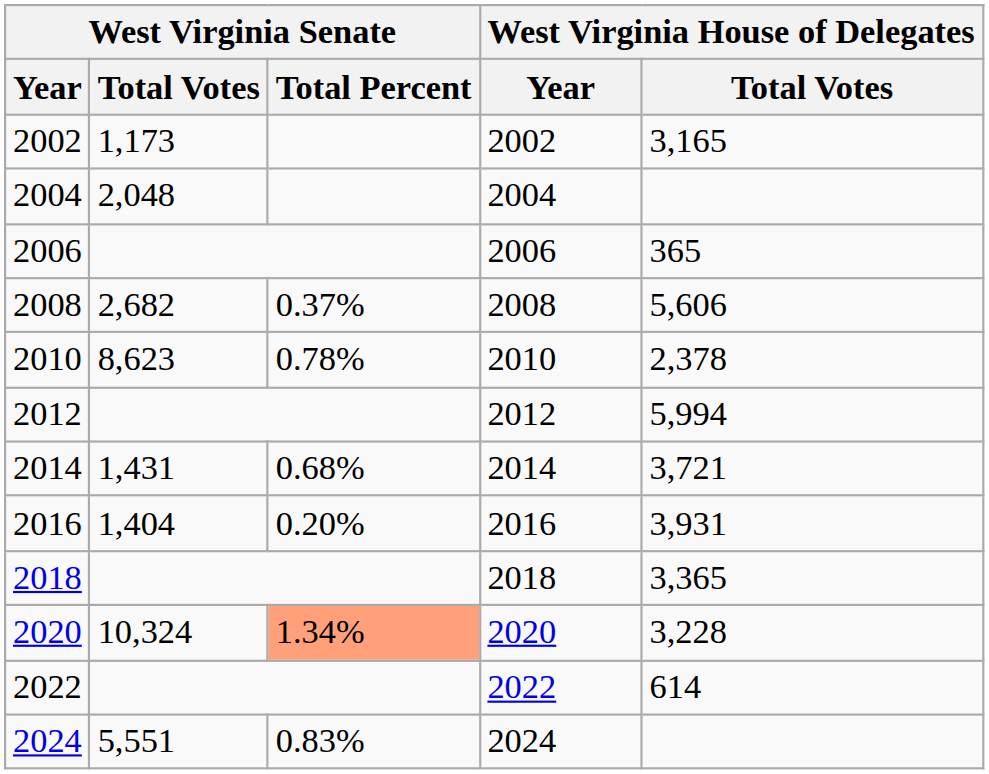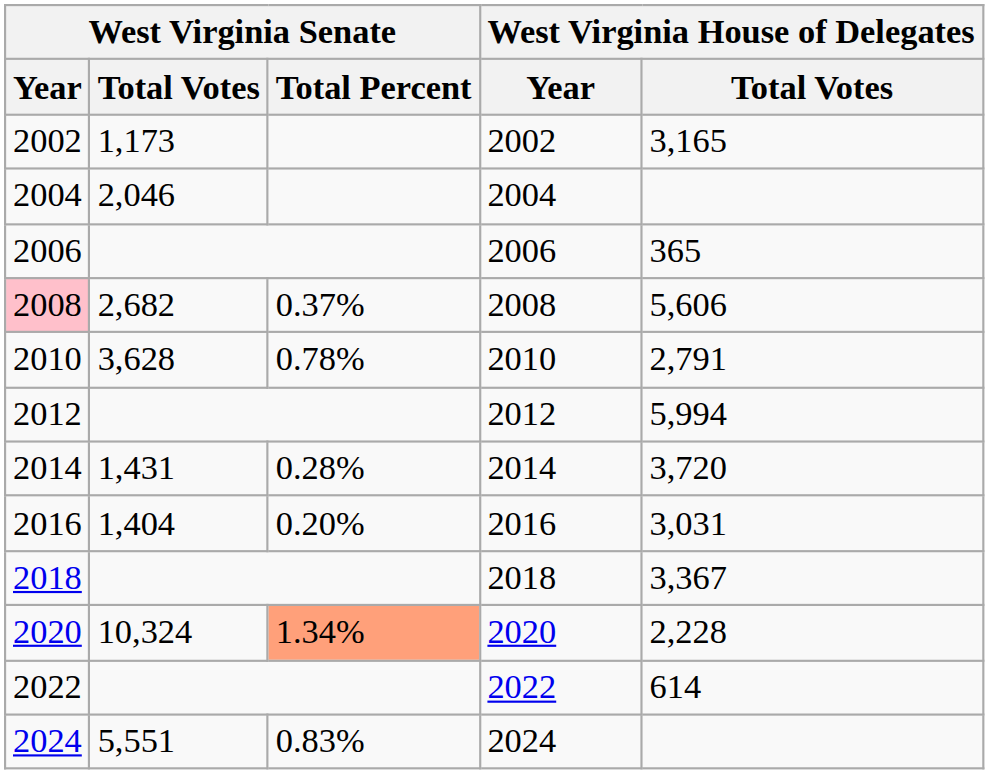 <table class="wikitable">
 <tr>
 <th colspan="3"><strong>West Virginia Senate</strong></th>
 <th colspan="2"><strong>West Virginia House of Delegates</strong></th>
 </tr>
 <tr>
 <th>Year</th>
 <th>Total Votes</th>
 <th>Total Percent</th>
 <th>Year</th>
 <th>Total Votes</th>
 </tr>
 <tr>
 <td>2002</td>
 <td>1,173</td>
 <td></td>
 <td>2002</td>
 <td>3,165</td>
 </tr>
 <tr>
 <td>2004</td>
-<td>2,048</td>
+<td>2,046</td>
 <td></td>
 <td>2004</td>
 <td></td>
 </tr>
 <tr>
 <td>2006</td>
 <td colspan="2"></td>
 <td>2006</td>
 <td>365</td>
 </tr>
 <tr>
-<td>2008</td>
+<td style="background: pink;">2008</td>
 <td>2,682</td>
 <td>0.37%</td>
 <td>2008</td>
 <td>5,606</td>
 </tr>
 <tr>
 <td>2010</td>
-<td>8,623</td>
+<td>3,628</td>
 <td>0.78%</td>
 <td>2010</td>
-<td>2,378</td>
+<td>2,791</td>
 </tr>
 <tr>
 <td>2012</td>
 <td colspan="2"></td>
 <td>2012</td>
 <td>5,994</td>
 </tr>
 <tr>
 <td>2014</td>
 <td>1,431</td>
-<td>0.68%</td>
+<td>0.28%</td>
 <td>2014</td>
-<td>3,721</td>
+<td>3,720</td>
 </tr>
 <tr>
 <td>2016</td>
 <td>1,404</td>
 <td>0.20%</td>
 <td>2016</td>
-<td>3,931</td>
+<td>3,031</td>
 </tr>
 <tr>
 <td><a href='#'>2018</a></td>
 <td colspan="2"></td>
 <td>2018</td>
-<td>3,365</td>
+<td>3,367</td>
 </tr>
 <tr>
 <td><a href='#'>2020</a></td>
 <td>10,324</td>
 <td style="background: lightsalmon;">1.34%</td>
 <td><a href='#'>2020</a></td>
-<td>3,228</td>
+<td>2,228</td>
 </tr>
 <tr>
 <td>2022</td>
 <td colspan="2"></td>
 <td><a href='#'>2022</a></td>
 <td>614</td>
 </tr>
 <tr>
 <td><a href='#'>2024</a></td>
 <td>5,551</td>
 <td>0.83%</td>
 <td>2024</td>
 <td></td>
 </tr>
 </table>
